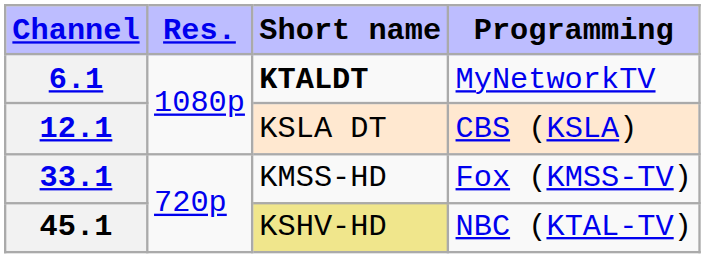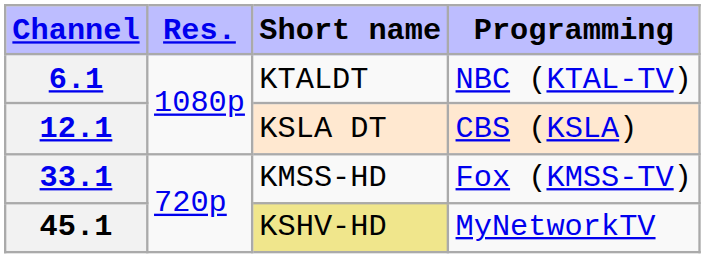 <table class="wikitable">
 <tr>
 <th style="background-color: #bdbdff" scope = "col"><a href='#'>Channel</a></th>
 <th style="background-color: #bdbdff" scope = "col"><a href='#'>Res.</a></th>
 <th style="background-color: #bdbdff" scope = "col">Short name</th>
 <th style="background-color: #bdbdff" scope = "col">Programming</th>
 </tr>
 <tr>
 <th scope = "row"><a href='#'>6.1</a></th>
 <td rowspan=2><a href='#'>1080p</a></td>
-<td><strong>KTALDT</strong></td>
-<td><a href='#'>MyNetworkTV</a></td>
+<td>KTALDT</td>
+<td><a href='#'>NBC</a> (<a href='#'>KTAL-TV</a>)</td>
 </tr>
 <tr>
 <th scope = "row"><a href='#'>12.1</a></th>
 <td style="background-color:#ffe8d0">KSLA DT</td>
 <td style="background-color:#ffe8d0"><a href='#'>CBS</a> (<a href='#'>KSLA</a>) </td>
 </tr>
 <tr>
 <th scope = "row"><a href='#'>33.1</a></th>
 <td rowspan=2><a href='#'>720p</a></td>
 <td>KMSS-HD</td>
 <td><a href='#'>Fox</a> (<a href='#'>KMSS-TV</a>)</td>
 </tr>
 <tr>
 <th scope = "row">45.1</th>
 <td style="background: khaki;">KSHV-HD</td>
-<td><a href='#'>NBC</a> (<a href='#'>KTAL-TV</a>)</td>
+<td><a href='#'>MyNetworkTV</a></td>
 </tr>
 </table>
